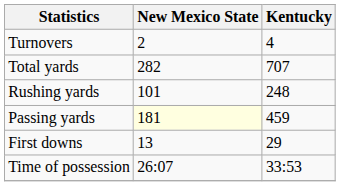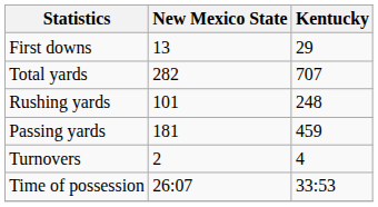 <table class="wikitable">
 <tr>
 <th>Statistics</th>
 <th>New Mexico State</th>
 <th>Kentucky</th>
 </tr>
 <tr>
-<td>Turnovers</td>
-<td>2</td>
-<td>4</td>
+<td>First downs</td>
+<td>13</td>
+<td>29</td>
 </tr>
 <tr>
 <td>Total yards</td>
 <td>282</td>
 <td>707</td>
 </tr>
 <tr>
 <td>Rushing yards</td>
 <td>101</td>
 <td>248</td>
 </tr>
 <tr>
 <td>Passing yards</td>
-<td style="background: lightyellow;">181</td>
+<td>181</td>
 <td>459</td>
 </tr>
 <tr>
-<td>First downs</td>
-<td>13</td>
-<td>29</td>
+<td>Turnovers</td>
+<td>2</td>
+<td>4</td>
 </tr>
 <tr>
 <td>Time of possession</td>
 <td>26:07</td>
 <td>33:53</td>
 </tr>
 <tr>
 </tr>
 </table>
